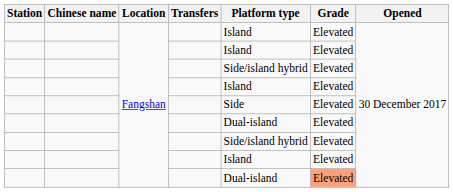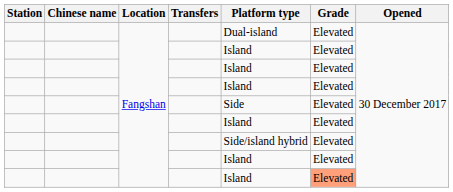 <table class=wikitable>
 <tr>
 <th>Station</th>
 <th>Chinese name</th>
 <th>Location</th>
 <th>Transfers</th>
 <th>Platform type</th>
 <th>Grade</th>
 <th>Opened</th>
 </tr>
 <tr>
 <td></td>
 <td><span></span></td>
 <td rowspan=9><a href='#'>Fangshan</a></td>
 <td></td>
+<td>Dual-island</td>
+<td>Elevated</td>
+<td rowspan=9>30 December 2017</td>
+</tr>
+<tr>
+<td></td>
+<td><span></span></td>
+<td></td>
 <td>Island</td>
 <td>Elevated</td>
-<td rowspan=9>30 December 2017</td>
+</tr>
+<tr>
+<td></td>
+<td><span></span></td>
+<td></td>
+<td>Island</td>
+<td>Elevated</td>
+</tr>
+<tr>
+<td></td>
+<td><span></span></td>
+<td></td>
+<td>Island</td>
+<td>Elevated</td>
+</tr>
+<tr>
+<td></td>
+<td><span></span></td>
+<td></td>
+<td>Side</td>
+<td>Elevated</td>
 </tr>
 <tr>
 <td></td>
 <td><span></span></td>
 <td></td>
 <td>Island</td>
 <td>Elevated</td>
 </tr>
 <tr>
 <td></td>
 <td><span></span></td>
 <td></td>
 <td>Side/island hybrid</td>
 <td>Elevated</td>
 </tr>
 <tr>
 <td></td>
 <td><span></span></td>
 <td></td>
 <td>Island</td>
 <td>Elevated</td>
 </tr>
 <tr>
 <td></td>
 <td><span></span></td>
 <td></td>
-<td>Side</td>
-<td>Elevated</td>
-</tr>
-<tr>
-<td></td>
-<td><span></span></td>
-<td></td>
-<td>Dual-island</td>
-<td>Elevated</td>
-</tr>
-<tr>
-<td></td>
-<td><span></span></td>
-<td></td>
-<td>Side/island hybrid</td>
-<td>Elevated</td>
-</tr>
-<tr>
-<td></td>
-<td><span></span></td>
-<td></td>
 <td>Island</td>
-<td>Elevated</td>
-</tr>
-<tr>
-<td></td>
-<td><span></span></td>
-<td></td>
-<td>Dual-island</td>
 <td style="background: lightsalmon;">Elevated</td>
 </tr>
 </table>
